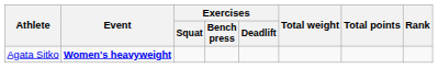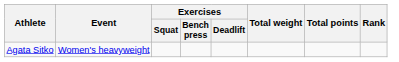 <table class=wikitable style="font-size:90%">
 <tr>
 <th rowspan="2">Athlete</th>
 <th rowspan="2">Event</th>
 <th colspan="3">Exercises</th>
 <th rowspan="2">Total weight</th>
 <th rowspan="2">Total points</th>
 <th rowspan="2">Rank</th>
 </tr>
 <tr style="font-size:95%">
 <th>Squat</th>
 <th>Bench<br>press</th>
 <th>Deadlift</th>
 </tr>
 <tr align=center>
 <td align=left><a href='#'>Agata Sitko</a></td>
-<td align=left><strong><a href='#'>Women's heavyweight</a></strong></td>
+<td align=left><a href='#'>Women's heavyweight</a></td>
 <td></td>
 <td></td>
 <td></td>
 <td></td>
 <td></td>
 <td></td>
 </tr>
 </table>
